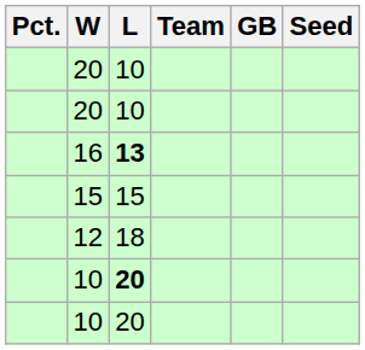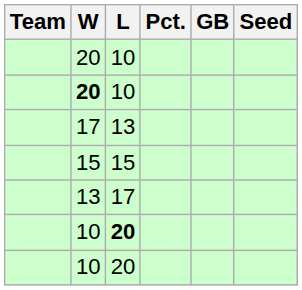 <table class=wikitable>
 <tr>
-<th>Pct.</th>
+<th>Team</th>
 <th>W</th>
 <th>L</th>
-<th>Team</th>
+<th>Pct.</th>
 <th>GB</th>
 <th>Seed</th>
 </tr>
 <tr bgcolor="#ccffcc">
 <td></td>
 <td>20</td>
 <td>10</td>
 <td></td>
 <td></td>
 <td></td>
 </tr>
 <tr bgcolor="#ccffcc">
 <td></td>
-<td>20</td>
+<td><strong>20</strong></td>
 <td>10</td>
 <td></td>
 <td></td>
 <td></td>
 </tr>
 <tr bgcolor="#ccffcc">
 <td></td>
-<td>16</td>
-<td><strong>13</strong></td>
+<td>17</td>
+<td>13</td>
 <td></td>
 <td></td>
 <td></td>
 </tr>
 <tr bgcolor="#ccffcc">
 <td></td>
 <td>15</td>
 <td>15</td>
 <td></td>
 <td></td>
 <td></td>
 </tr>
 <tr bgcolor="#ccffcc">
 <td></td>
-<td>12</td>
-<td>18</td>
+<td>13</td>
+<td>17</td>
 <td></td>
 <td></td>
 <td></td>
 </tr>
 <tr bgcolor="#ccffcc">
 <td></td>
 <td>10</td>
 <td><strong>20</strong></td>
 <td></td>
 <td></td>
 <td></td>
 </tr>
 <tr bgcolor="#ccffcc">
 <td></td>
 <td>10</td>
 <td>20</td>
 <td></td>
 <td></td>
 <td></td>
 </tr>
 </table>
